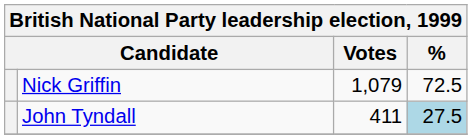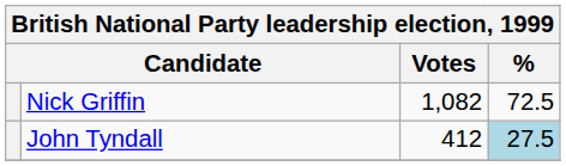 <table class="wikitable">
 <tr>
 <th colspan="4">British National Party leadership election, 1999</th>
 </tr>
 <tr>
 <th colspan="2">Candidate</th>
 <th style="width: 50px">Votes</th>
 <th style="width: 40px">%</th>
 </tr>
 <tr>
 <th style="padding: 4px; background-color: "></th>
 <td><a href='#'>Nick Griffin</a></td>
-<td align="right">1,079</td>
+<td align="right">1,082</td>
 <td align="right">72.5</td>
 </tr>
 <tr>
 <th style="padding: 4px; width: 1px; background-color: "></th>
 <td><a href='#'>John Tyndall</a></td>
-<td align="right">411</td>
+<td align="right">412</td>
 <td align="right" style="background: lightblue;">27.5</td>
 </tr>
 <tr>
 </tr>
 </table>
